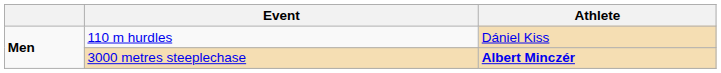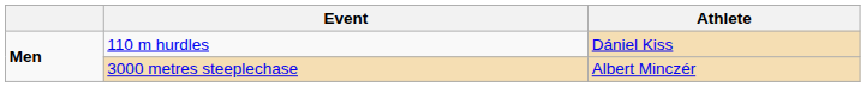 <table class=wikitable style="font-size:90%" width=60%>
 <tr>
 <th></th>
 <th>Event</th>
 <th>Athlete</th>
 </tr>
 <tr>
 <td rowspan=2><strong>Men</strong></td>
 <td><a href='#'>110 m hurdles</a></td>
 <td bgcolor="wheat"><a href='#'>Dániel Kiss</a></td>
 </tr>
 <tr>
 <td bgcolor="wheat"><a href='#'>3000 metres steeplechase</a></td>
-<td bgcolor="wheat"><strong><a href='#'>Albert Minczér</a></strong></td>
+<td bgcolor="wheat"><a href='#'>Albert Minczér</a></td>
 </tr>
 </table>
